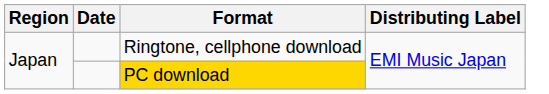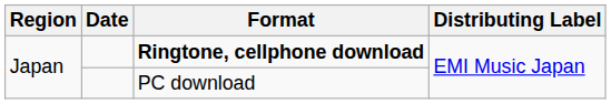 <table class="wikitable">
 <tr>
 <th>Region</th>
 <th>Date</th>
 <th>Format</th>
 <th>Distributing Label</th>
 </tr>
 <tr>
 <td rowspan=2>Japan</td>
 <td></td>
-<td>Ringtone, cellphone download</td>
+<td><strong>Ringtone, cellphone download</strong></td>
 <td rowspan=2><a href='#'>EMI Music Japan</a></td>
 </tr>
 <tr>
 <td></td>
-<td style="background: gold;">PC download</td>
+<td>PC download</td>
 </tr>
 </table>
